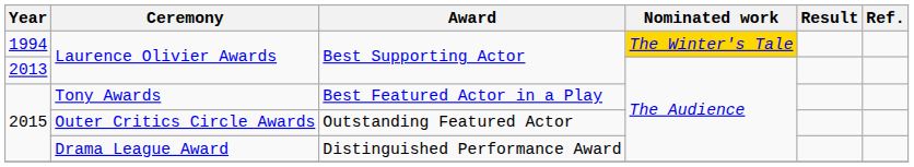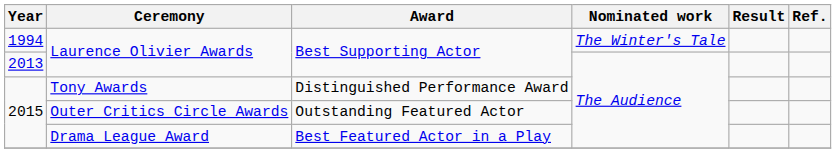 <table class="wikitable">
 <tr>
 <th>Year</th>
 <th>Ceremony</th>
 <th>Award</th>
 <th>Nominated work</th>
 <th>Result</th>
 <th>Ref.</th>
 </tr>
 <tr>
 <td><a href='#'>1994</a></td>
 <td rowspan=2><a href='#'>Laurence Olivier Awards</a></td>
 <td rowspan=2><a href='#'>Best Supporting Actor</a></td>
-<td style="background: gold;"><em><a href='#'>The Winter's Tale</a></em></td>
+<td><em><a href='#'>The Winter's Tale</a></em></td>
 <td></td>
 <td></td>
 </tr>
 <tr>
 <td><a href='#'>2013</a></td>
 <td rowspan=4><em><a href='#'>The Audience</a></em></td>
 <td></td>
 <td></td>
 </tr>
 <tr>
 <td rowspan=3>2015</td>
 <td><a href='#'>Tony Awards</a></td>
-<td><a href='#'>Best Featured Actor in a Play</a></td>
+<td>Distinguished Performance Award</td>
 <td></td>
 <td></td>
 </tr>
 <tr>
 <td><a href='#'>Outer Critics Circle Awards</a></td>
 <td>Outstanding Featured Actor</td>
 <td></td>
 <td></td>
 </tr>
 <tr>
 <td><a href='#'>Drama League Award</a></td>
-<td>Distinguished Performance Award</td>
+<td><a href='#'>Best Featured Actor in a Play</a></td>
 <td></td>
 <td></td>
 </tr>
 <tr>
 </tr>
 </table>
